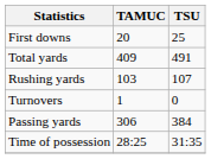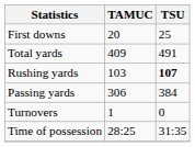 <table class="wikitable">
 <tr>
 <th>Statistics</th>
 <th>TAMUC</th>
 <th>TSU</th>
 </tr>
 <tr>
 <td>First downs</td>
 <td>20</td>
 <td>25</td>
 </tr>
 <tr>
 <td>Total yards</td>
 <td>409</td>
 <td>491</td>
 </tr>
 <tr>
 <td>Rushing yards</td>
 <td>103</td>
-<td>107</td>
+<td><strong>107</strong></td>
+</tr>
+<tr>
+<td>Passing yards</td>
+<td>306</td>
+<td>384</td>
 </tr>
 <tr>
 <td>Turnovers</td>
 <td>1</td>
 <td>0</td>
-</tr>
-<tr>
-<td>Passing yards</td>
-<td>306</td>
-<td>384</td>
 </tr>
 <tr>
 <td>Time of possession</td>
 <td>28:25</td>
 <td>31:35</td>
 </tr>
 <tr>
 </tr>
 </table>
